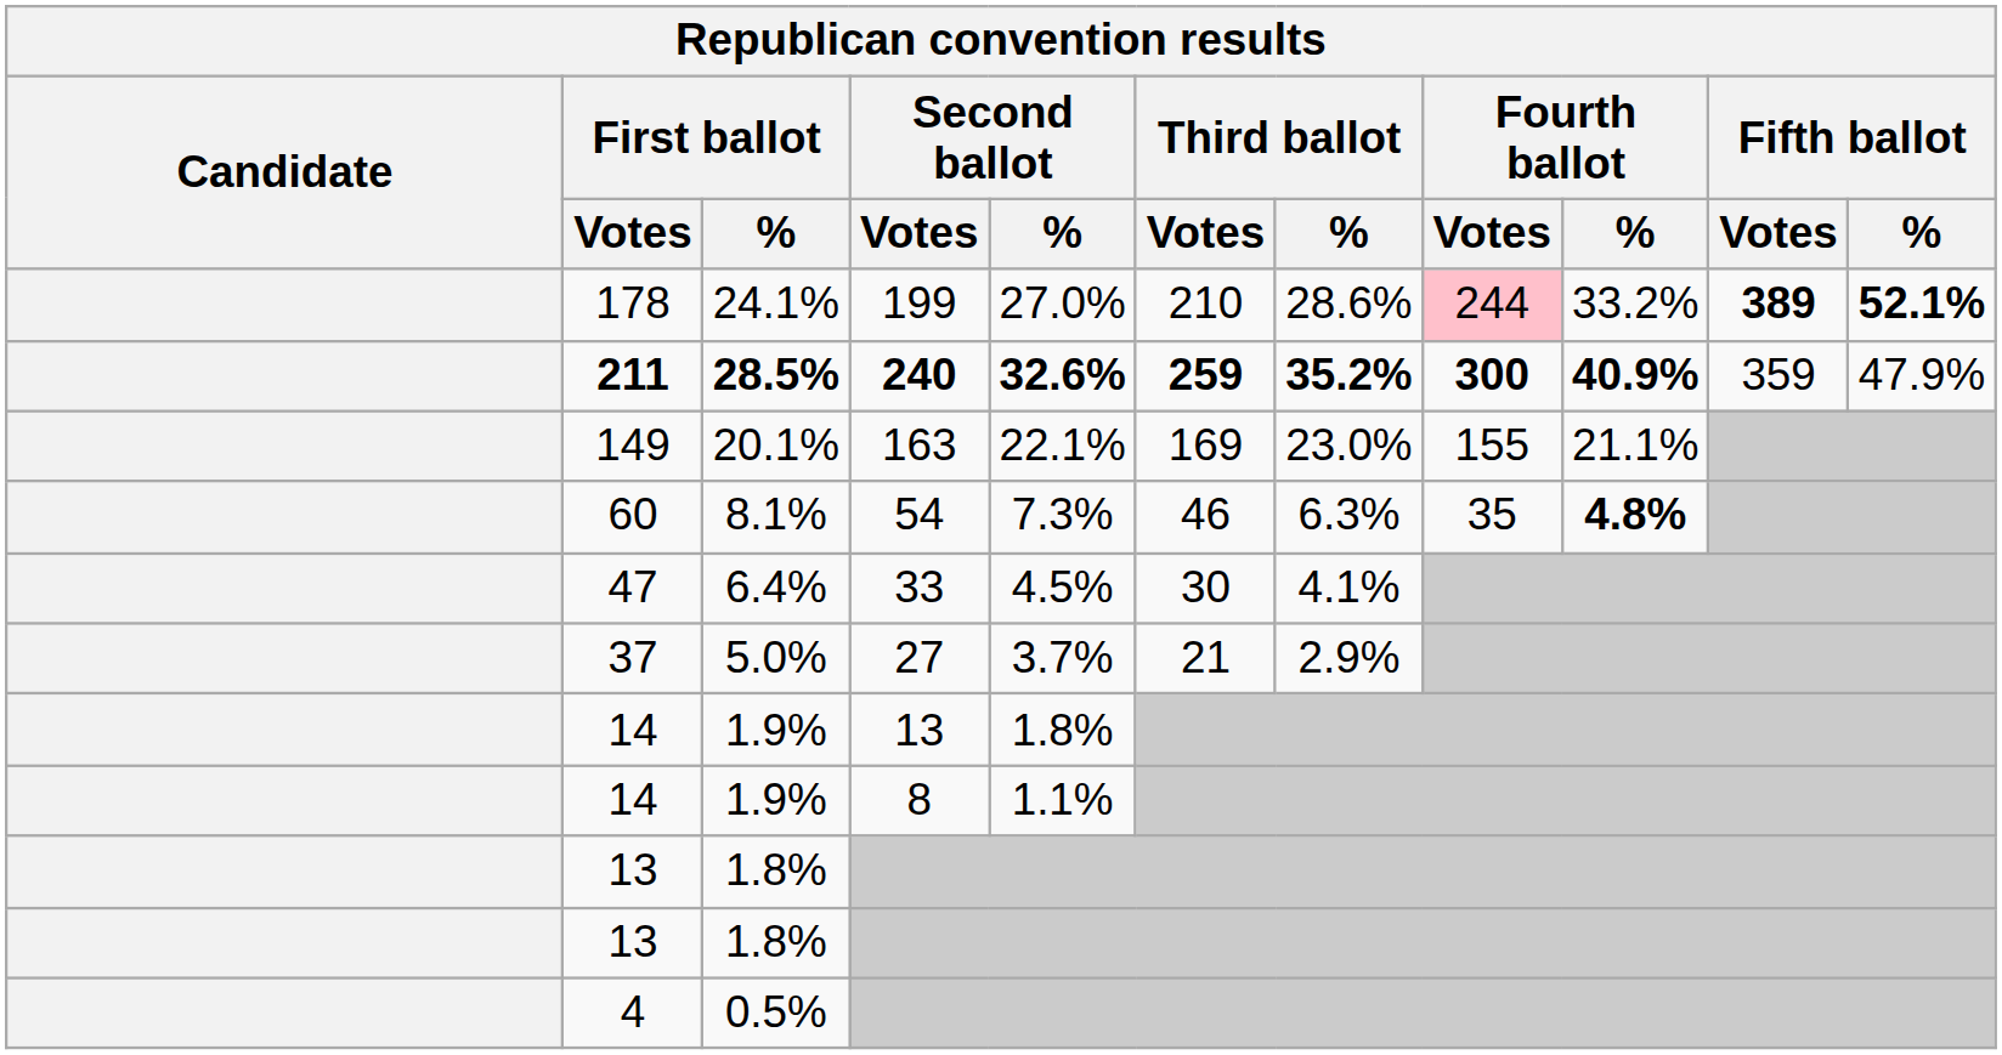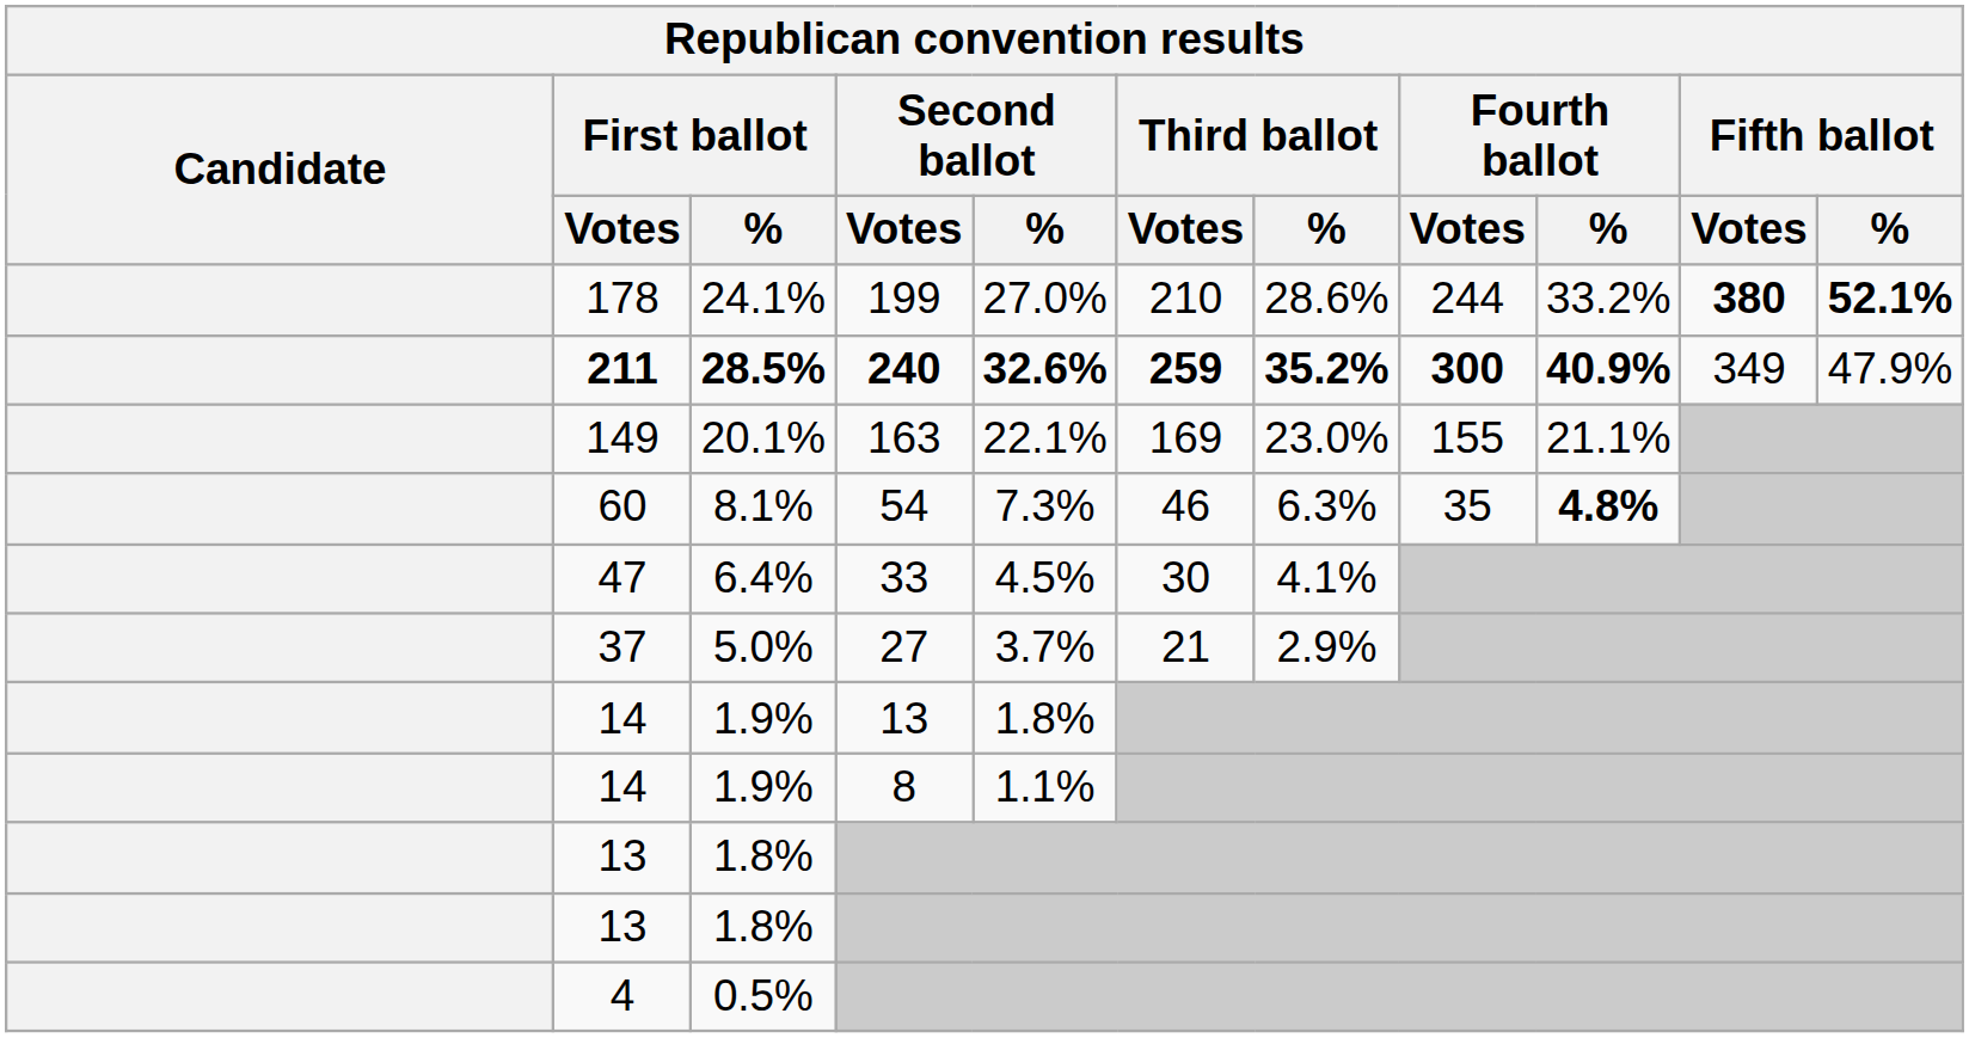 <table class="wikitable sortable plainrowheaders">
 <tr>
 <th colspan="11" >Republican convention results</th>
 </tr>
 <tr style="background:#eee; text-align:center;">
 <th scope="col" style="width: 12em" rowspan=2>Candidate</th>
 <th scope="col" style="width: 5em" colspan=2>First ballot</th>
 <th scope="col" style="width: 5em" colspan=2>Second ballot</th>
 <th scope="col" style="width: 5em" colspan=2>Third ballot</th>
 <th scope="col" style="width: 5em" colspan=2>Fourth ballot</th>
 <th scope="col" style="width: 5em" colspan=2>Fifth ballot</th>
 </tr>
 <tr>
 <th>Votes</th>
 <th>%</th>
 <th>Votes</th>
 <th>%</th>
 <th>Votes</th>
 <th>%</th>
 <th>Votes</th>
 <th>%</th>
 <th>Votes</th>
 <th>%</th>
 </tr>
 <tr>
 <th scope="row"><strong></strong></th>
 <td style="text-align:center;">178</td>
 <td style="text-align:center;">24.1%</td>
 <td style="text-align:center;">199</td>
 <td style="text-align:center;">27.0%</td>
 <td style="text-align:center;">210</td>
 <td style="text-align:center;">28.6%</td>
-<td style="background: pink; text-align:center;">244</td>
+<td style="text-align:center;">244</td>
 <td style="text-align:center;">33.2%</td>
-<td style="text-align:center;"><strong>389</strong></td>
+<td style="text-align:center;"><strong>380</strong></td>
 <td style="text-align:center;"><strong>52.1%</strong></td>
 </tr>
 <tr>
 <th scope="row"></th>
 <td style="text-align:center;"><strong>211</strong></td>
 <td style="text-align:center;"><strong>28.5%</strong></td>
 <td style="text-align:center;"><strong>240</strong></td>
 <td style="text-align:center;"><strong>32.6%</strong></td>
 <td style="text-align:center;"><strong>259</strong></td>
 <td style="text-align:center;"><strong>35.2%</strong></td>
 <td style="text-align:center;"><strong>300</strong></td>
 <td style="text-align:center;"><strong>40.9%</strong></td>
-<td style="text-align:center;">359</td>
+<td style="text-align:center;">349</td>
 <td style="text-align:center;">47.9%</td>
 </tr>
 <tr>
 <th scope="row"></th>
 <td style="text-align:center;">149</td>
 <td style="text-align:center;">20.1%</td>
 <td style="text-align:center;">163</td>
 <td style="text-align:center;">22.1%</td>
 <td style="text-align:center;">169</td>
 <td style="text-align:center;">23.0%</td>
 <td style="text-align:center;">155</td>
 <td style="text-align:center;">21.1%</td>
 <td colspan=2 style="text-align:center; background:#cbcbcb"></td>
 </tr>
 <tr>
 <th scope="row"></th>
 <td style="text-align:center;">60</td>
 <td style="text-align:center;">8.1%</td>
 <td style="text-align:center;">54</td>
 <td style="text-align:center;">7.3%</td>
 <td style="text-align:center;">46</td>
 <td style="text-align:center;">6.3%</td>
 <td style="text-align:center;">35</td>
 <td style="text-align:center;"><strong>4.8%</strong></td>
 <td colspan=2 style="text-align:center; background:#cbcbcb"></td>
 </tr>
 <tr>
 <th scope="row"></th>
 <td style="text-align:center;">47</td>
 <td style="text-align:center;">6.4%</td>
 <td style="text-align:center;">33</td>
 <td style="text-align:center;">4.5%</td>
 <td style="text-align:center;">30</td>
 <td style="text-align:center;">4.1%</td>
 <td colspan=4 style="text-align:center; background:#cbcbcb"></td>
 </tr>
 <tr>
 <th scope="row"></th>
 <td style="text-align:center;">37</td>
 <td style="text-align:center;">5.0%</td>
 <td style="text-align:center;">27</td>
 <td style="text-align:center;">3.7%</td>
 <td style="text-align:center;">21</td>
 <td style="text-align:center;">2.9%</td>
 <td colspan=4 style="text-align:center; background:#cbcbcb"></td>
 </tr>
 <tr>
 <th scope="row"></th>
 <td style="text-align:center;">14</td>
 <td style="text-align:center;">1.9%</td>
 <td style="text-align:center;">13</td>
 <td style="text-align:center;">1.8%</td>
 <td colspan=6 style="text-align:center; background:#cbcbcb"></td>
 </tr>
 <tr>
 <th scope="row"></th>
 <td style="text-align:center;">14</td>
 <td style="text-align:center;">1.9%</td>
 <td style="text-align:center;">8</td>
 <td style="text-align:center;">1.1%</td>
 <td colspan=6 style="text-align:center; background:#cbcbcb"></td>
 </tr>
 <tr>
 <th scope="row"></th>
 <td style="text-align:center;">13</td>
 <td style="text-align:center;">1.8%</td>
 <td colspan=8 style="text-align:center; background:#cbcbcb"></td>
 </tr>
 <tr>
 <th scope="row"></th>
 <td style="text-align:center;">13</td>
 <td style="text-align:center;">1.8%</td>
 <td colspan=8 style="text-align:center; background:#cbcbcb"></td>
 </tr>
 <tr>
 <th scope="row"></th>
 <td style="text-align:center;">4</td>
 <td style="text-align:center;">0.5%</td>
 <td colspan=8 style="text-align:center; background:#cbcbcb"></td>
 </tr>
 </table>
